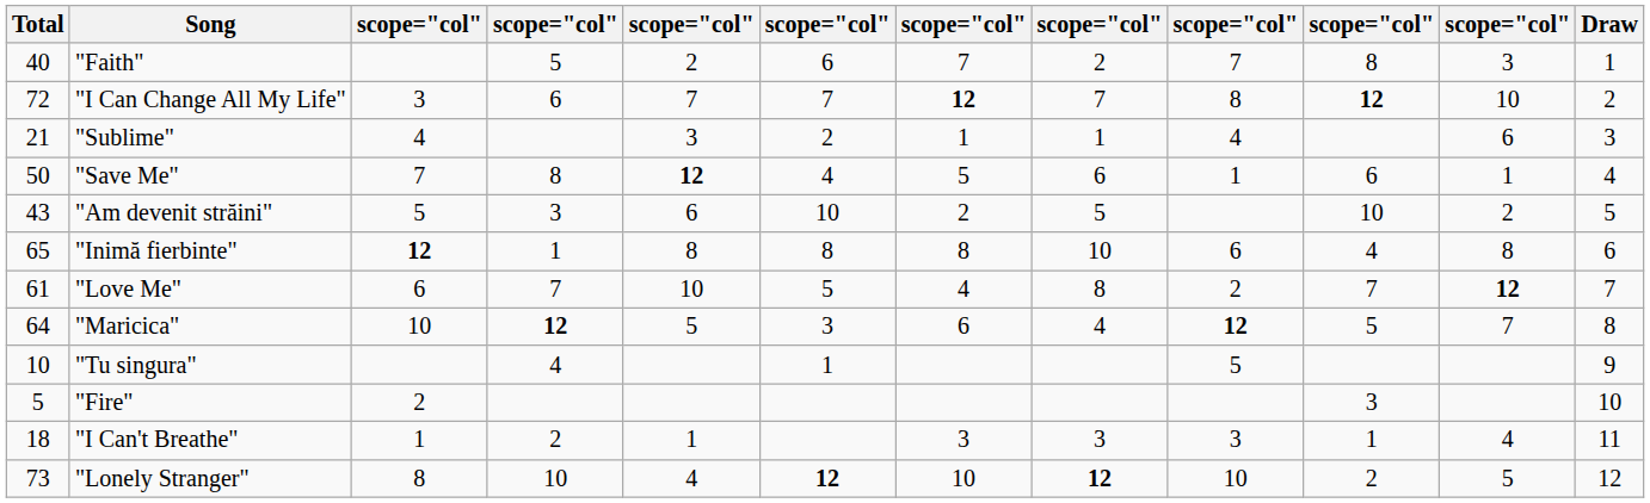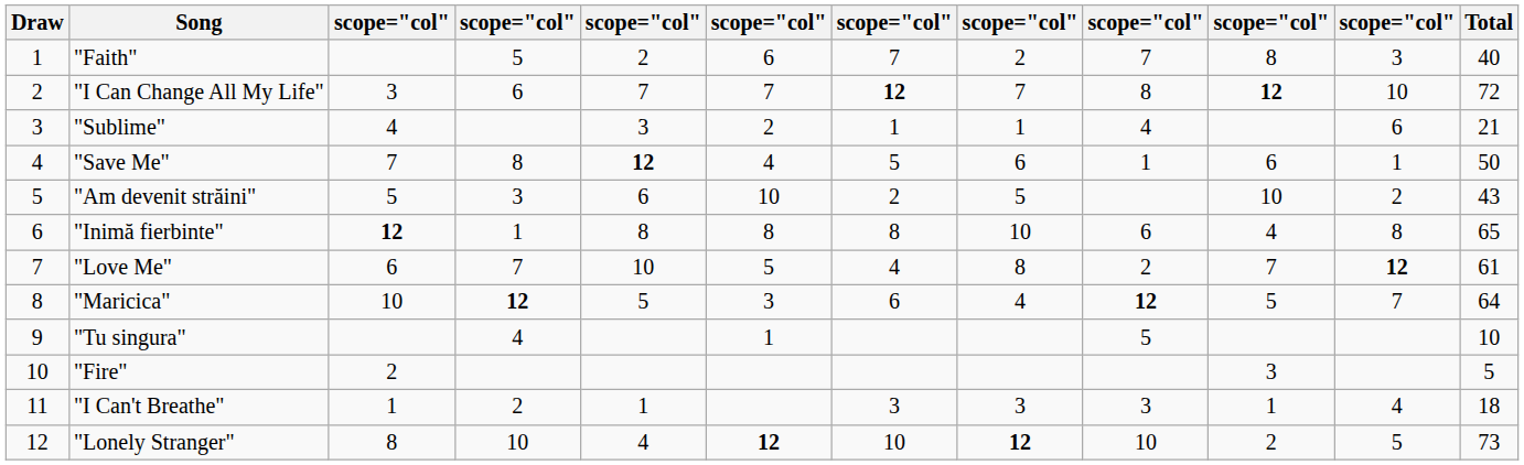 <table class="wikitable collapsible" style="margin: 1em auto 1em auto; text-align:center;">
 <tr>
-<th>Total</th>
+<th>Draw</th>
 <th>Song</th>
 <th>scope="col" </th>
 <th>scope="col" </th>
 <th>scope="col" </th>
 <th>scope="col" </th>
 <th>scope="col" </th>
 <th>scope="col" </th>
 <th>scope="col" </th>
 <th>scope="col" </th>
 <th>scope="col" </th>
-<th>Draw</th>
+<th>Total</th>
 </tr>
 <tr>
-<td>40</td>
+<td>1</td>
 <td align="left">"Faith"</td>
 <td></td>
 <td>5</td>
 <td>2</td>
 <td>6</td>
 <td>7</td>
 <td>2</td>
 <td>7</td>
 <td>8</td>
 <td>3</td>
-<td>1</td>
+<td>40</td>
 </tr>
 <tr>
-<td>72</td>
+<td>2</td>
 <td align="left">"I Can Change All My Life"</td>
 <td>3</td>
 <td>6</td>
 <td>7</td>
 <td>7</td>
 <td><strong>12</strong></td>
 <td>7</td>
 <td>8</td>
 <td><strong>12</strong></td>
 <td>10</td>
-<td>2</td>
+<td>72</td>
 </tr>
 <tr>
-<td>21</td>
+<td>3</td>
 <td align="left">"Sublime"</td>
 <td>4</td>
 <td></td>
 <td>3</td>
 <td>2</td>
 <td>1</td>
 <td>1</td>
 <td>4</td>
 <td></td>
 <td>6</td>
-<td>3</td>
+<td>21</td>
 </tr>
 <tr>
-<td>50</td>
+<td>4</td>
 <td align="left">"Save Me"</td>
 <td>7</td>
 <td>8</td>
 <td><strong>12</strong></td>
 <td>4</td>
 <td>5</td>
 <td>6</td>
 <td>1</td>
 <td>6</td>
 <td>1</td>
-<td>4</td>
+<td>50</td>
 </tr>
 <tr>
-<td>43</td>
+<td>5</td>
 <td align="left">"Am devenit străini"</td>
 <td>5</td>
 <td>3</td>
 <td>6</td>
 <td>10</td>
 <td>2</td>
 <td>5</td>
 <td></td>
 <td>10</td>
 <td>2</td>
-<td>5</td>
+<td>43</td>
 </tr>
 <tr>
-<td>65</td>
+<td>6</td>
 <td align="left">"Inimă fierbinte"</td>
 <td><strong>12</strong></td>
 <td>1</td>
 <td>8</td>
 <td>8</td>
 <td>8</td>
 <td>10</td>
 <td>6</td>
 <td>4</td>
 <td>8</td>
-<td>6</td>
+<td>65</td>
 </tr>
 <tr>
-<td>61</td>
+<td>7</td>
 <td align="left">"Love Me"</td>
 <td>6</td>
 <td>7</td>
 <td>10</td>
 <td>5</td>
 <td>4</td>
 <td>8</td>
 <td>2</td>
 <td>7</td>
 <td><strong>12</strong></td>
-<td>7</td>
+<td>61</td>
 </tr>
 <tr>
-<td>64</td>
+<td>8</td>
 <td align="left">"Maricica"</td>
 <td>10</td>
 <td><strong>12</strong></td>
 <td>5</td>
 <td>3</td>
 <td>6</td>
 <td>4</td>
 <td><strong>12</strong></td>
 <td>5</td>
 <td>7</td>
-<td>8</td>
+<td>64</td>
 </tr>
 <tr>
-<td>10</td>
+<td>9</td>
 <td align="left">"Tu singura"</td>
 <td></td>
 <td>4</td>
 <td></td>
 <td>1</td>
 <td></td>
 <td></td>
 <td>5</td>
 <td></td>
 <td></td>
-<td>9</td>
+<td>10</td>
 </tr>
 <tr>
-<td>5</td>
+<td>10</td>
 <td align="left">"Fire"</td>
 <td>2</td>
 <td></td>
 <td></td>
 <td></td>
 <td></td>
 <td></td>
 <td></td>
 <td>3</td>
 <td></td>
-<td>10</td>
+<td>5</td>
 </tr>
 <tr>
-<td>18</td>
+<td>11</td>
 <td align="left">"I Can't Breathe"</td>
 <td>1</td>
 <td>2</td>
 <td>1</td>
 <td></td>
 <td>3</td>
 <td>3</td>
 <td>3</td>
 <td>1</td>
 <td>4</td>
-<td>11</td>
+<td>18</td>
 </tr>
 <tr>
-<td>73</td>
+<td>12</td>
 <td align="left">"Lonely Stranger"</td>
 <td>8</td>
 <td>10</td>
 <td>4</td>
 <td><strong>12</strong></td>
 <td>10</td>
 <td><strong>12</strong></td>
 <td>10</td>
 <td>2</td>
 <td>5</td>
-<td>12</td>
+<td>73</td>
 </tr>
 </table>
